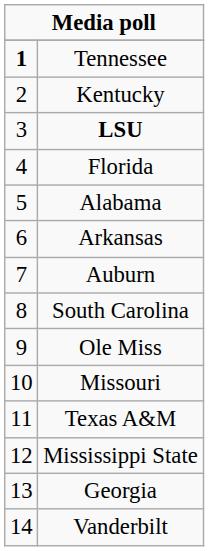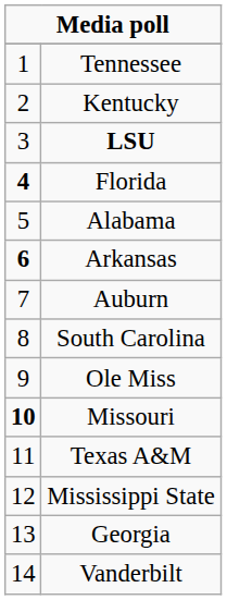 <table class="wikitable">
 <tr align="center">
 <td align="center" Colspan="3"><strong>Media poll</strong></td>
 </tr>
 <tr align="center">
 </tr>
 <tr align="center">
-<td><strong>1</strong></td>
+<td>1</td>
 <td>Tennessee</td>
 </tr>
 <tr align="center">
 <td>2</td>
 <td>Kentucky</td>
 </tr>
 <tr align="center">
 <td>3</td>
 <td><strong>LSU</strong></td>
 </tr>
 <tr align="center">
-<td>4</td>
+<td><strong>4</strong></td>
 <td>Florida</td>
 </tr>
 <tr align="center">
 <td>5</td>
 <td>Alabama</td>
 </tr>
 <tr align="center">
-<td>6</td>
+<td><strong>6</strong></td>
 <td>Arkansas</td>
 </tr>
 <tr align="center">
 <td>7</td>
 <td>Auburn</td>
 </tr>
 <tr align="center">
 <td>8</td>
 <td>South Carolina</td>
 </tr>
 <tr align="center">
 <td>9</td>
 <td>Ole Miss</td>
 </tr>
 <tr align="center">
-<td>10</td>
+<td><strong>10</strong></td>
 <td>Missouri</td>
 </tr>
 <tr align="center">
 <td>11</td>
 <td>Texas A&M</td>
 </tr>
 <tr align="center">
 <td>12</td>
 <td>Mississippi State</td>
 </tr>
 <tr align="center">
 <td>13</td>
 <td>Georgia</td>
 </tr>
 <tr align="center">
 <td>14</td>
 <td>Vanderbilt</td>
 </tr>
 </table>
